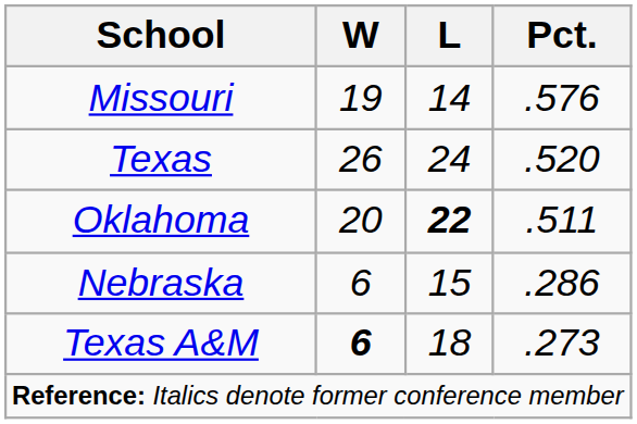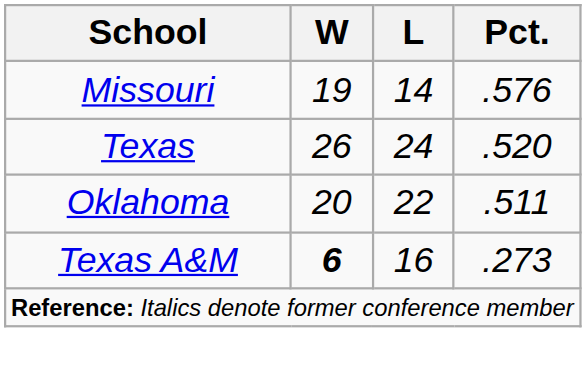 <table class="wikitable sortable" style="text-align:center">
 <tr>
 <th width=px>School</th>
 <th width=px>W</th>
 <th width=px>L</th>
 <th width=px>Pct.</th>
 </tr>
 <tr>
 <td><em><a href='#'>Missouri</a></em></td>
 <td><em>19</em></td>
 <td><em>14</em></td>
 <td><em>.576</em></td>
 </tr>
 <tr>
 <td><em><a href='#'>Texas</a></em></td>
 <td><em>26</em></td>
 <td><em>24</em></td>
 <td><em>.520</em></td>
 </tr>
 <tr>
 <td><em><a href='#'>Oklahoma</a></em></td>
 <td><em>20</em></td>
-<td><strong><em>22</em></strong></td>
+<td><em>22</em></td>
 <td><em>.511</em></td>
-</tr>
-<tr>
-<td><em><a href='#'>Nebraska</a></em></td>
-<td><em>6</em></td>
-<td><em>15</em></td>
-<td><em>.286</em></td>
 </tr>
 <tr>
 <td><em><a href='#'>Texas A&M</a></em></td>
 <td><strong><em>6</em></strong></td>
-<td><em>18</em></td>
+<td><em>16</em></td>
 <td><em>.273</em></td>
 </tr>
 <tr>
 <td colspan="4"  style="font-size:8pt; text-align:center;"><strong>Reference:</strong> <em>Italics denote former conference member</em></td>
 </tr>
 </table>
